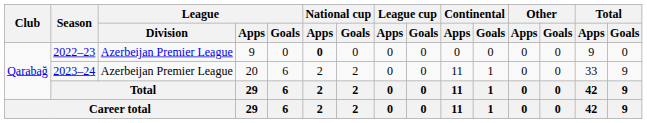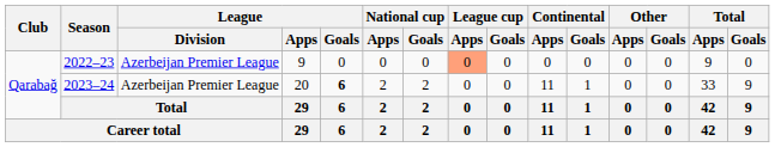 <table class=wikitable style="text-align: center;">
 <tr>
 <th rowspan="2">Club</th>
 <th rowspan="2">Season</th>
 <th colspan="3">League</th>
 <th colspan="2">National cup</th>
 <th colspan="2">League cup</th>
 <th colspan="2">Continental</th>
 <th colspan="2">Other</th>
 <th colspan="2">Total</th>
 </tr>
 <tr>
 <th>Division</th>
 <th>Apps</th>
 <th>Goals</th>
 <th>Apps</th>
 <th>Goals</th>
 <th>Apps</th>
 <th>Goals</th>
 <th>Apps</th>
 <th>Goals</th>
 <th>Apps</th>
 <th>Goals</th>
 <th>Apps</th>
 <th>Goals</th>
 </tr>
 <tr>
 <td rowspan="3"><a href='#'>Qarabağ</a></td>
 <td><a href='#'>2022–23</a></td>
 <td><a href='#'>Azerbeijan Premier League</a></td>
 <td>9</td>
 <td>0</td>
-<td><strong>0</strong></td>
 <td>0</td>
 <td>0</td>
+<td style="background: lightsalmon;">0</td>
 <td>0</td>
 <td>0</td>
 <td>0</td>
 <td>0</td>
 <td>0</td>
 <td>9</td>
 <td>0</td>
 </tr>
 <tr>
 <td><a href='#'>2023–24</a></td>
 <td>Azerbeijan Premier League</td>
 <td>20</td>
-<td>6</td>
+<td><strong>6</strong></td>
 <td>2</td>
 <td>2</td>
 <td>0</td>
 <td>0</td>
 <td>11</td>
 <td>1</td>
 <td>0</td>
 <td>0</td>
 <td>33</td>
 <td>9</td>
 </tr>
 <tr>
 <th colspan="2">Total</th>
 <th>29</th>
 <th>6</th>
 <th>2</th>
 <th>2</th>
 <th>0</th>
 <th>0</th>
 <th>11</th>
 <th>1</th>
 <th>0</th>
 <th>0</th>
 <th>42</th>
 <th>9</th>
 </tr>
 <tr>
 <th colspan="3">Career total</th>
 <th>29</th>
 <th>6</th>
 <th>2</th>
 <th>2</th>
 <th>0</th>
 <th>0</th>
 <th>11</th>
 <th>1</th>
 <th>0</th>
 <th>0</th>
 <th>42</th>
 <th>9</th>
 </tr>
 </table>
